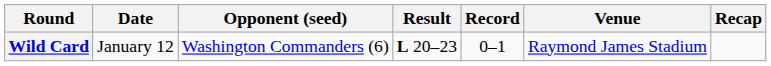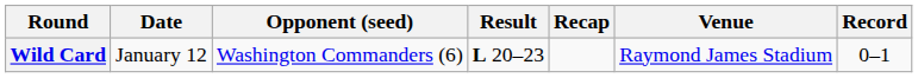 <table class="wikitable" style="text-align:center">
 <tr>
 <th>Round</th>
 <th>Date</th>
 <th>Opponent (seed)</th>
 <th>Result</th>
+<th>Recap</th>
+<th>Venue</th>
 <th>Record</th>
-<th>Venue</th>
-<th>Recap</th>
 </tr>
 <tr>
 <th><a href='#'>Wild Card</a></th>
 <td>January 12</td>
 <td><a href='#'>Washington Commanders</a> (6)</td>
 <td><strong>L</strong> 20–23</td>
+<td></td>
+<td><a href='#'>Raymond James Stadium</a></td>
 <td>0–1</td>
-<td><a href='#'>Raymond James Stadium</a></td>
-<td></td>
 </tr>
 </table>
